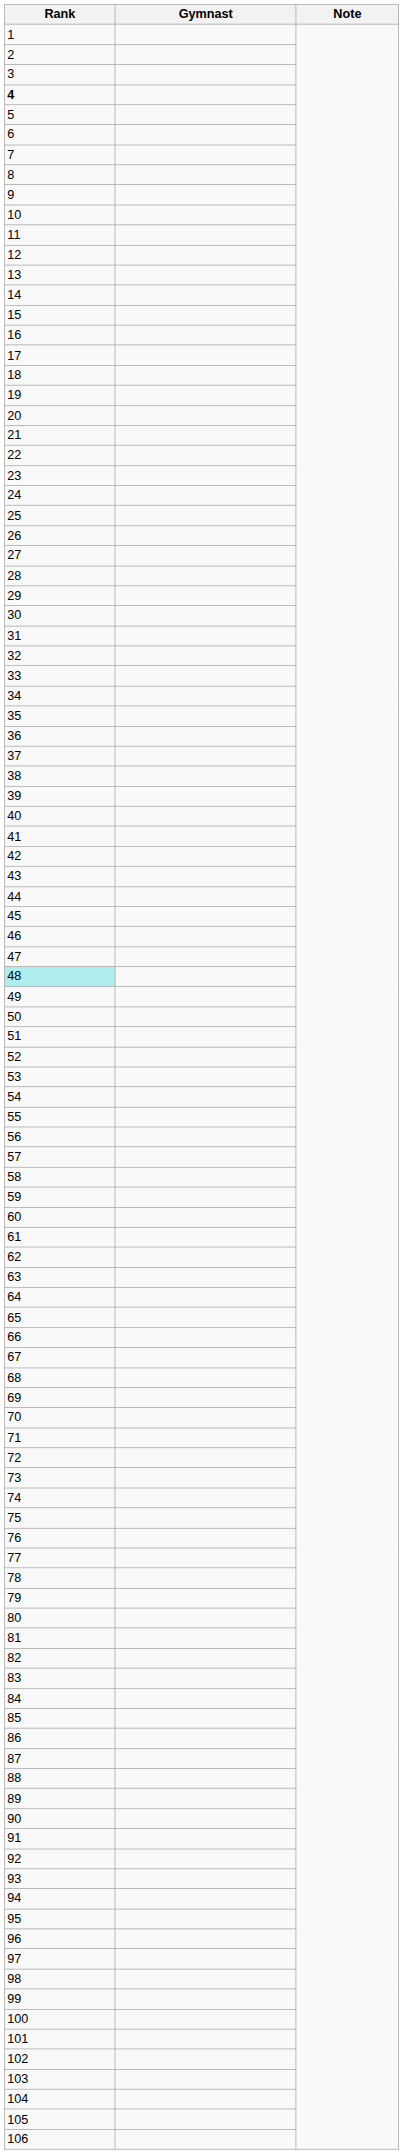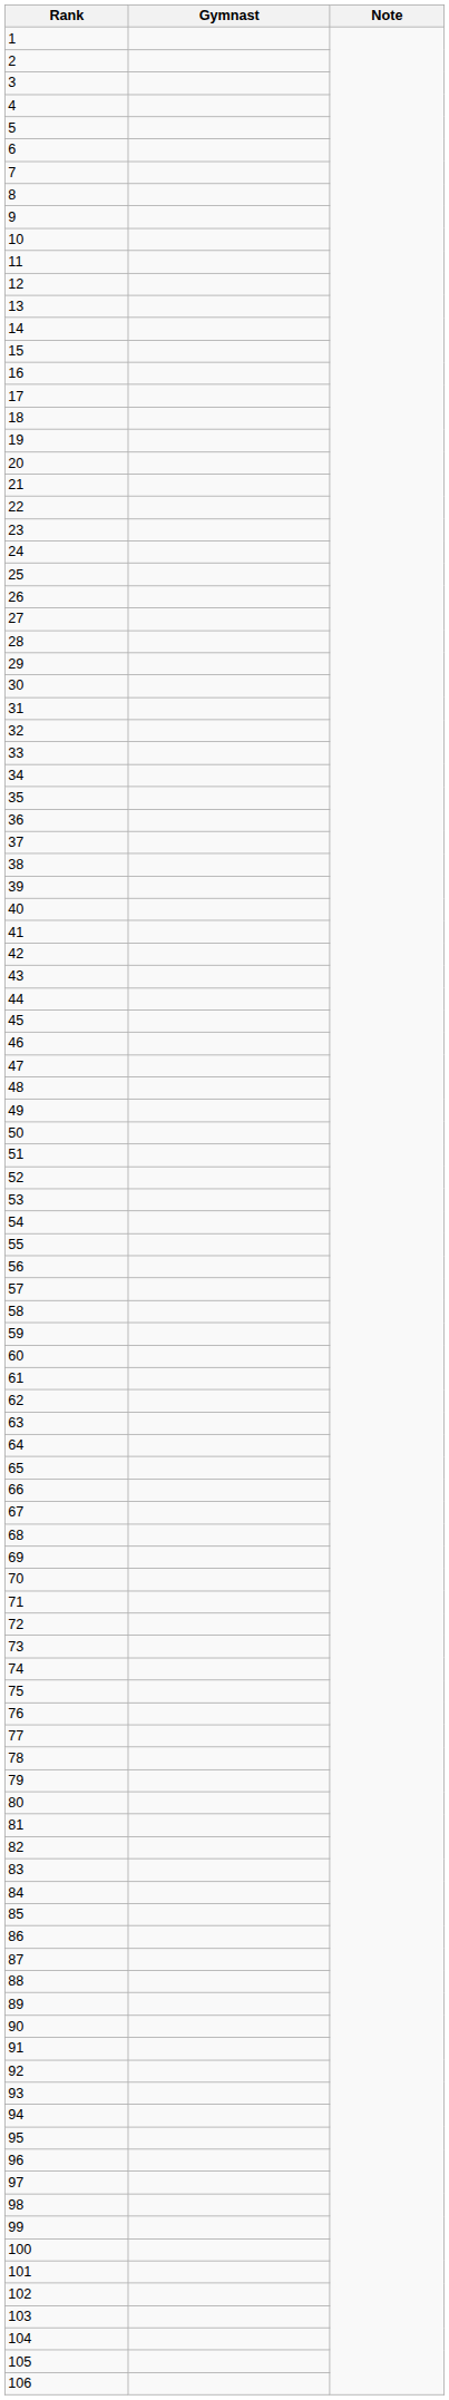 <table class="wikitable" width=500>
 <tr bgcolor="#efefef">
 <th>Rank</th>
 <th>Gymnast</th>
 <th>Note</th>
 </tr>
 <tr>
 <td>1</td>
 <td></td>
 </tr>
 <tr>
 <td>2</td>
 <td></td>
 </tr>
 <tr>
 <td>3</td>
 <td></td>
 </tr>
 <tr>
-<td><strong>4</strong></td>
+<td>4</td>
 <td></td>
 </tr>
 <tr>
 <td>5</td>
 <td></td>
 </tr>
 <tr>
 <td>6</td>
 <td></td>
 </tr>
 <tr>
 <td>7</td>
 <td></td>
 </tr>
 <tr>
 <td>8</td>
 <td></td>
 </tr>
 <tr>
 <td>9</td>
 <td></td>
 </tr>
 <tr>
 <td>10</td>
 <td></td>
 </tr>
 <tr>
 <td>11</td>
 <td></td>
 </tr>
 <tr>
 <td>12</td>
 <td></td>
 </tr>
 <tr>
 <td>13</td>
 <td></td>
 </tr>
 <tr>
 <td>14</td>
 <td></td>
 </tr>
 <tr>
 <td>15</td>
 <td></td>
 </tr>
 <tr>
 <td>16</td>
 <td></td>
 </tr>
 <tr>
 <td>17</td>
 <td></td>
 </tr>
 <tr>
 <td>18</td>
 <td></td>
 </tr>
 <tr>
 <td>19</td>
 <td></td>
 </tr>
 <tr>
 <td>20</td>
 <td></td>
 </tr>
 <tr>
 <td>21</td>
 <td></td>
 </tr>
 <tr>
 <td>22</td>
 <td></td>
 </tr>
 <tr>
 <td>23</td>
 <td></td>
 </tr>
 <tr>
 <td>24</td>
 <td></td>
 </tr>
 <tr>
 <td>25</td>
 <td></td>
 </tr>
 <tr>
 <td>26</td>
 <td></td>
 </tr>
 <tr>
 <td>27</td>
 <td></td>
 </tr>
 <tr>
 <td>28</td>
 <td></td>
 </tr>
 <tr>
 <td>29</td>
 <td></td>
 </tr>
 <tr>
 <td>30</td>
 <td></td>
 </tr>
 <tr>
 <td>31</td>
 <td></td>
 </tr>
 <tr>
 <td>32</td>
 <td></td>
 </tr>
 <tr>
 <td>33</td>
 <td></td>
 </tr>
 <tr>
 <td>34</td>
 <td></td>
 </tr>
 <tr>
 <td>35</td>
 <td></td>
 </tr>
 <tr>
 <td>36</td>
 <td></td>
 </tr>
 <tr>
 <td>37</td>
 <td></td>
 </tr>
 <tr>
 <td>38</td>
 <td></td>
 </tr>
 <tr>
 <td>39</td>
 <td></td>
 </tr>
 <tr>
 <td>40</td>
 <td></td>
 </tr>
 <tr>
 <td>41</td>
 <td></td>
 </tr>
 <tr>
 <td>42</td>
 <td></td>
 </tr>
 <tr>
 <td>43</td>
 <td></td>
 </tr>
 <tr>
 <td>44</td>
 <td></td>
 </tr>
 <tr>
 <td>45</td>
 <td></td>
 </tr>
 <tr>
 <td>46</td>
 <td></td>
 </tr>
 <tr>
 <td>47</td>
 <td></td>
 </tr>
 <tr>
-<td style="background: paleturquoise;">48</td>
+<td>48</td>
 <td></td>
 </tr>
 <tr>
 <td>49</td>
 <td></td>
 </tr>
 <tr>
 <td>50</td>
 <td></td>
 </tr>
 <tr>
 <td>51</td>
 <td></td>
 </tr>
 <tr>
 <td>52</td>
 <td></td>
 </tr>
 <tr>
 <td>53</td>
 <td></td>
 </tr>
 <tr>
 <td>54</td>
 <td></td>
 </tr>
 <tr>
 <td>55</td>
 <td></td>
 </tr>
 <tr>
 <td>56</td>
 <td></td>
 </tr>
 <tr>
 <td>57</td>
 <td></td>
 </tr>
 <tr>
 <td>58</td>
 <td></td>
 </tr>
 <tr>
 <td>59</td>
 <td></td>
 </tr>
 <tr>
 <td>60</td>
 <td></td>
 </tr>
 <tr>
 <td>61</td>
 <td></td>
 </tr>
 <tr>
 <td>62</td>
 <td></td>
 </tr>
 <tr>
 <td>63</td>
 <td></td>
 </tr>
 <tr>
 <td>64</td>
 <td></td>
 </tr>
 <tr>
 <td>65</td>
 <td></td>
 </tr>
 <tr>
 <td>66</td>
 <td></td>
 </tr>
 <tr>
 <td>67</td>
 <td></td>
 </tr>
 <tr>
 <td>68</td>
 <td></td>
 </tr>
 <tr>
 <td>69</td>
 <td></td>
 </tr>
 <tr>
 <td>70</td>
 <td></td>
 </tr>
 <tr>
 <td>71</td>
 <td></td>
 </tr>
 <tr>
 <td>72</td>
 <td></td>
 </tr>
 <tr>
 <td>73</td>
 <td></td>
 </tr>
 <tr>
 <td>74</td>
 <td></td>
 </tr>
 <tr>
 <td>75</td>
 <td></td>
 </tr>
 <tr>
 <td>76</td>
 <td></td>
 </tr>
 <tr>
 <td>77</td>
 <td></td>
 </tr>
 <tr>
 <td>78</td>
 <td></td>
 </tr>
 <tr>
 <td>79</td>
 <td></td>
 </tr>
 <tr>
 <td>80</td>
 <td></td>
 </tr>
 <tr>
 <td>81</td>
 <td></td>
 </tr>
 <tr>
 <td>82</td>
 <td></td>
 </tr>
 <tr>
 <td>83</td>
 <td></td>
 </tr>
 <tr>
 <td>84</td>
 <td></td>
 </tr>
 <tr>
 <td>85</td>
 <td></td>
 </tr>
 <tr>
 <td>86</td>
 <td></td>
 </tr>
 <tr>
 <td>87</td>
 <td></td>
 </tr>
 <tr>
 <td>88</td>
 <td></td>
 </tr>
 <tr>
 <td>89</td>
 <td></td>
 </tr>
 <tr>
 <td>90</td>
 <td></td>
 </tr>
 <tr>
 <td>91</td>
 <td></td>
 </tr>
 <tr>
 <td>92</td>
 <td></td>
 </tr>
 <tr>
 <td>93</td>
 <td></td>
 </tr>
 <tr>
 <td>94</td>
 <td></td>
 </tr>
 <tr>
 <td>95</td>
 <td></td>
 </tr>
 <tr>
 <td>96</td>
 <td></td>
 </tr>
 <tr>
 <td>97</td>
 <td></td>
 </tr>
 <tr>
 <td>98</td>
 <td></td>
 </tr>
 <tr>
 <td>99</td>
 <td></td>
 </tr>
 <tr>
 <td>100</td>
 <td></td>
 </tr>
 <tr>
 <td>101</td>
 <td></td>
 </tr>
 <tr>
 <td>102</td>
 <td></td>
 </tr>
 <tr>
 <td>103</td>
 <td></td>
 </tr>
 <tr>
 <td>104</td>
 <td></td>
 </tr>
 <tr>
 <td>105</td>
 <td></td>
 </tr>
 <tr>
 <td>106</td>
 <td></td>
 </tr>
 </table>
